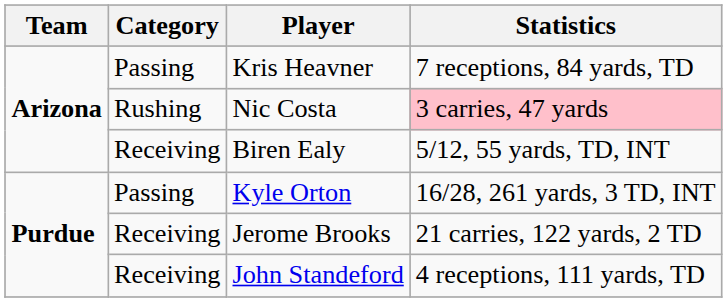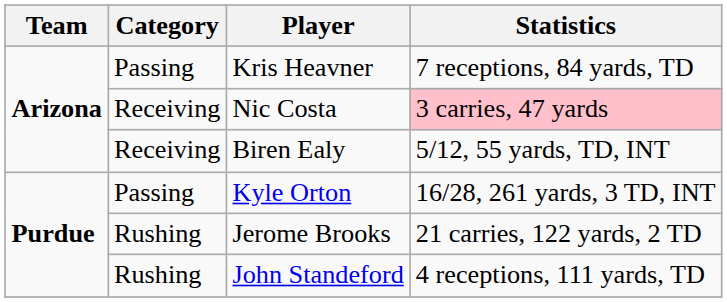 <table class="wikitable" style="float: right;">
 <tr>
 <th>Team</th>
 <th>Category</th>
 <th>Player</th>
 <th>Statistics</th>
 </tr>
 <tr>
 <td rowspan=3><strong>Arizona</strong></td>
 <td>Passing</td>
 <td>Kris Heavner</td>
 <td>7 receptions, 84 yards, TD</td>
 </tr>
 <tr>
-<td>Rushing</td>
+<td>Receiving</td>
 <td>Nic Costa</td>
 <td style="background: pink;">3 carries, 47 yards</td>
 </tr>
 <tr>
 <td>Receiving</td>
 <td>Biren Ealy</td>
 <td>5/12, 55 yards, TD, INT</td>
 </tr>
 <tr>
 <td rowspan=3><strong>Purdue</strong></td>
 <td>Passing</td>
 <td><a href='#'>Kyle Orton</a></td>
 <td>16/28, 261 yards, 3 TD, INT</td>
 </tr>
 <tr>
-<td>Receiving</td>
+<td>Rushing</td>
 <td>Jerome Brooks</td>
 <td>21 carries, 122 yards, 2 TD</td>
 </tr>
 <tr>
-<td>Receiving</td>
+<td>Rushing</td>
 <td><a href='#'>John Standeford</a></td>
 <td>4 receptions, 111 yards, TD</td>
 </tr>
 </table>
